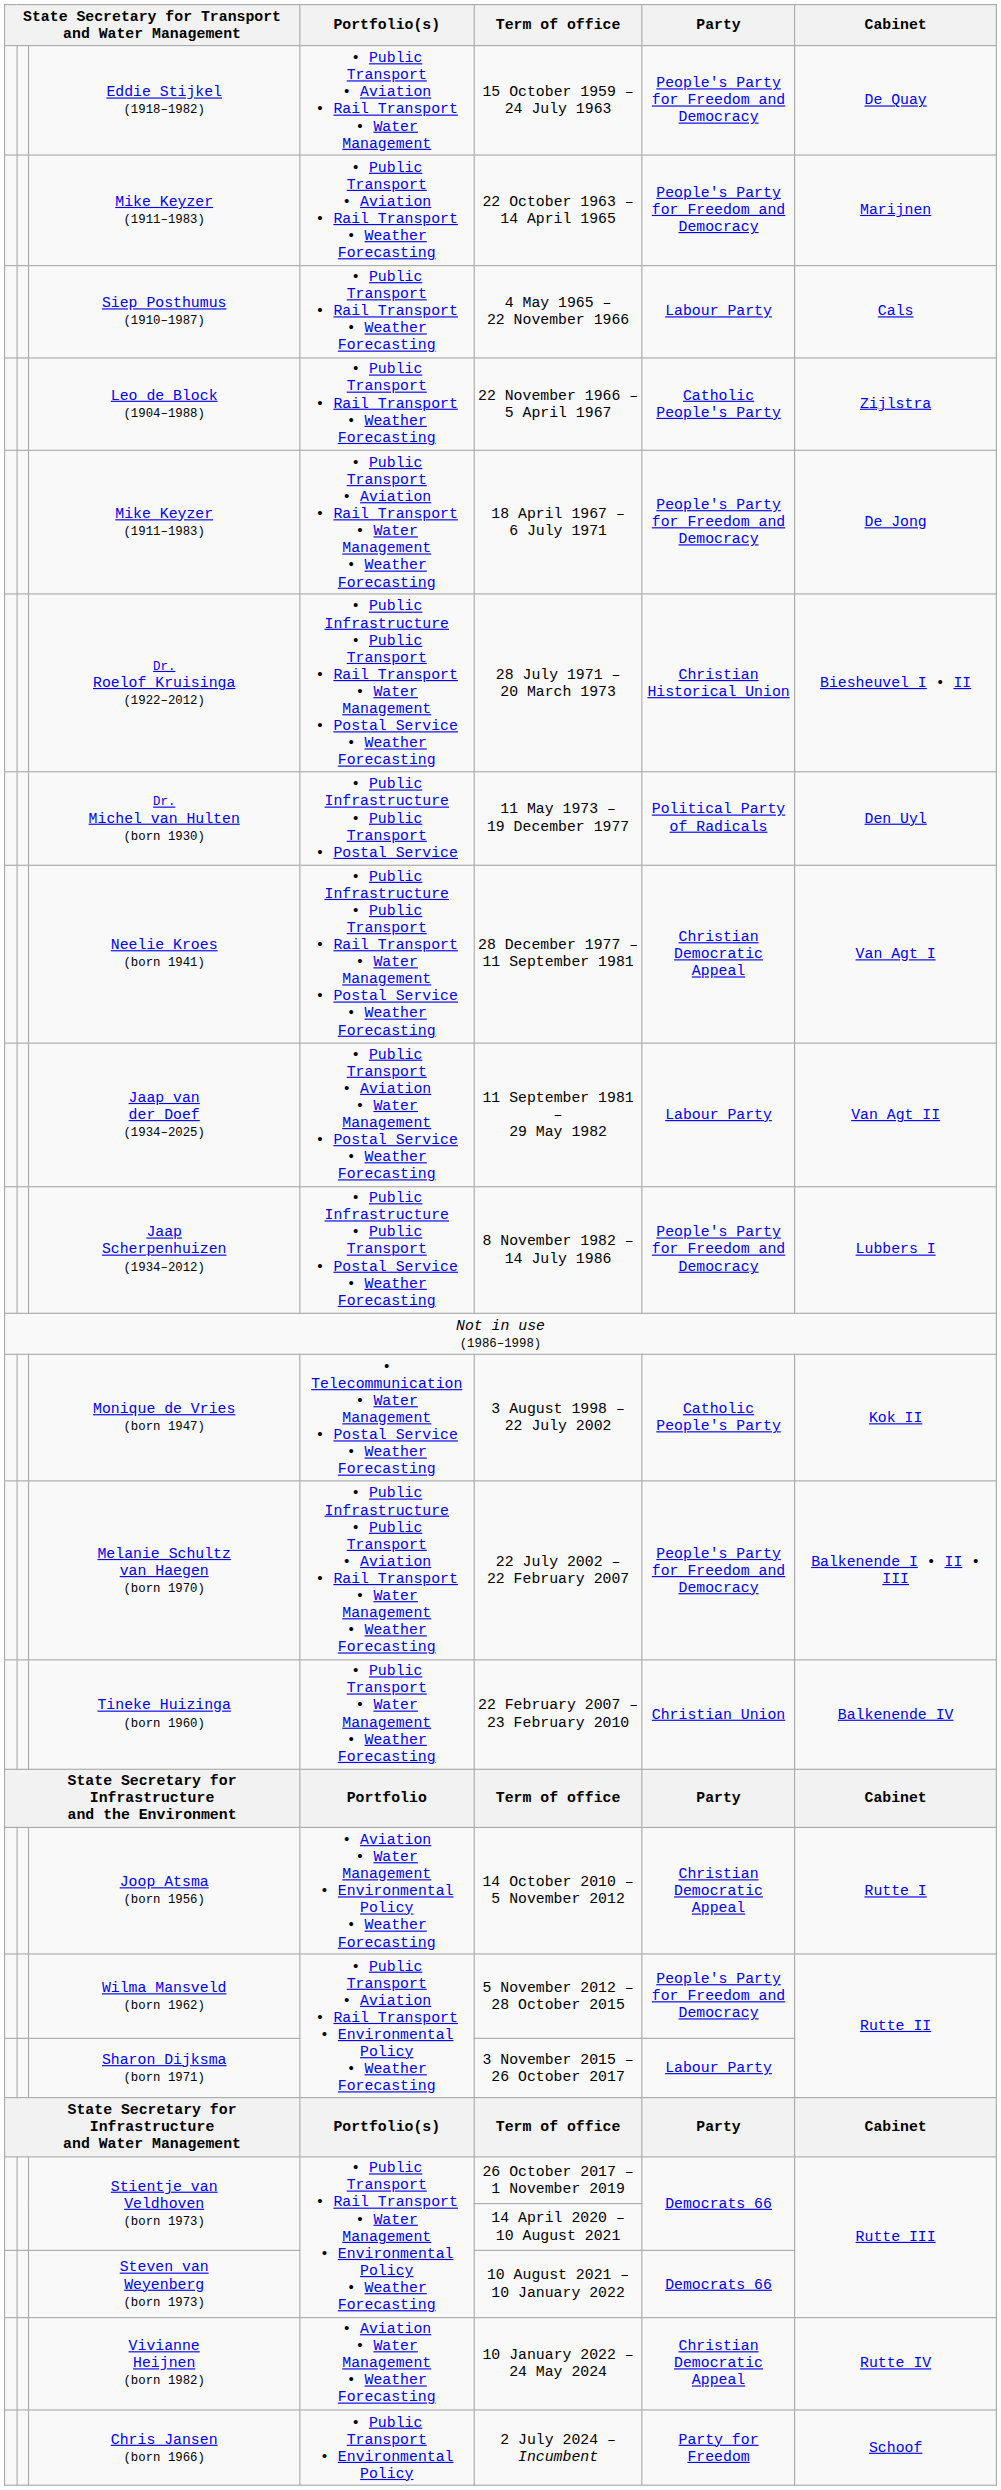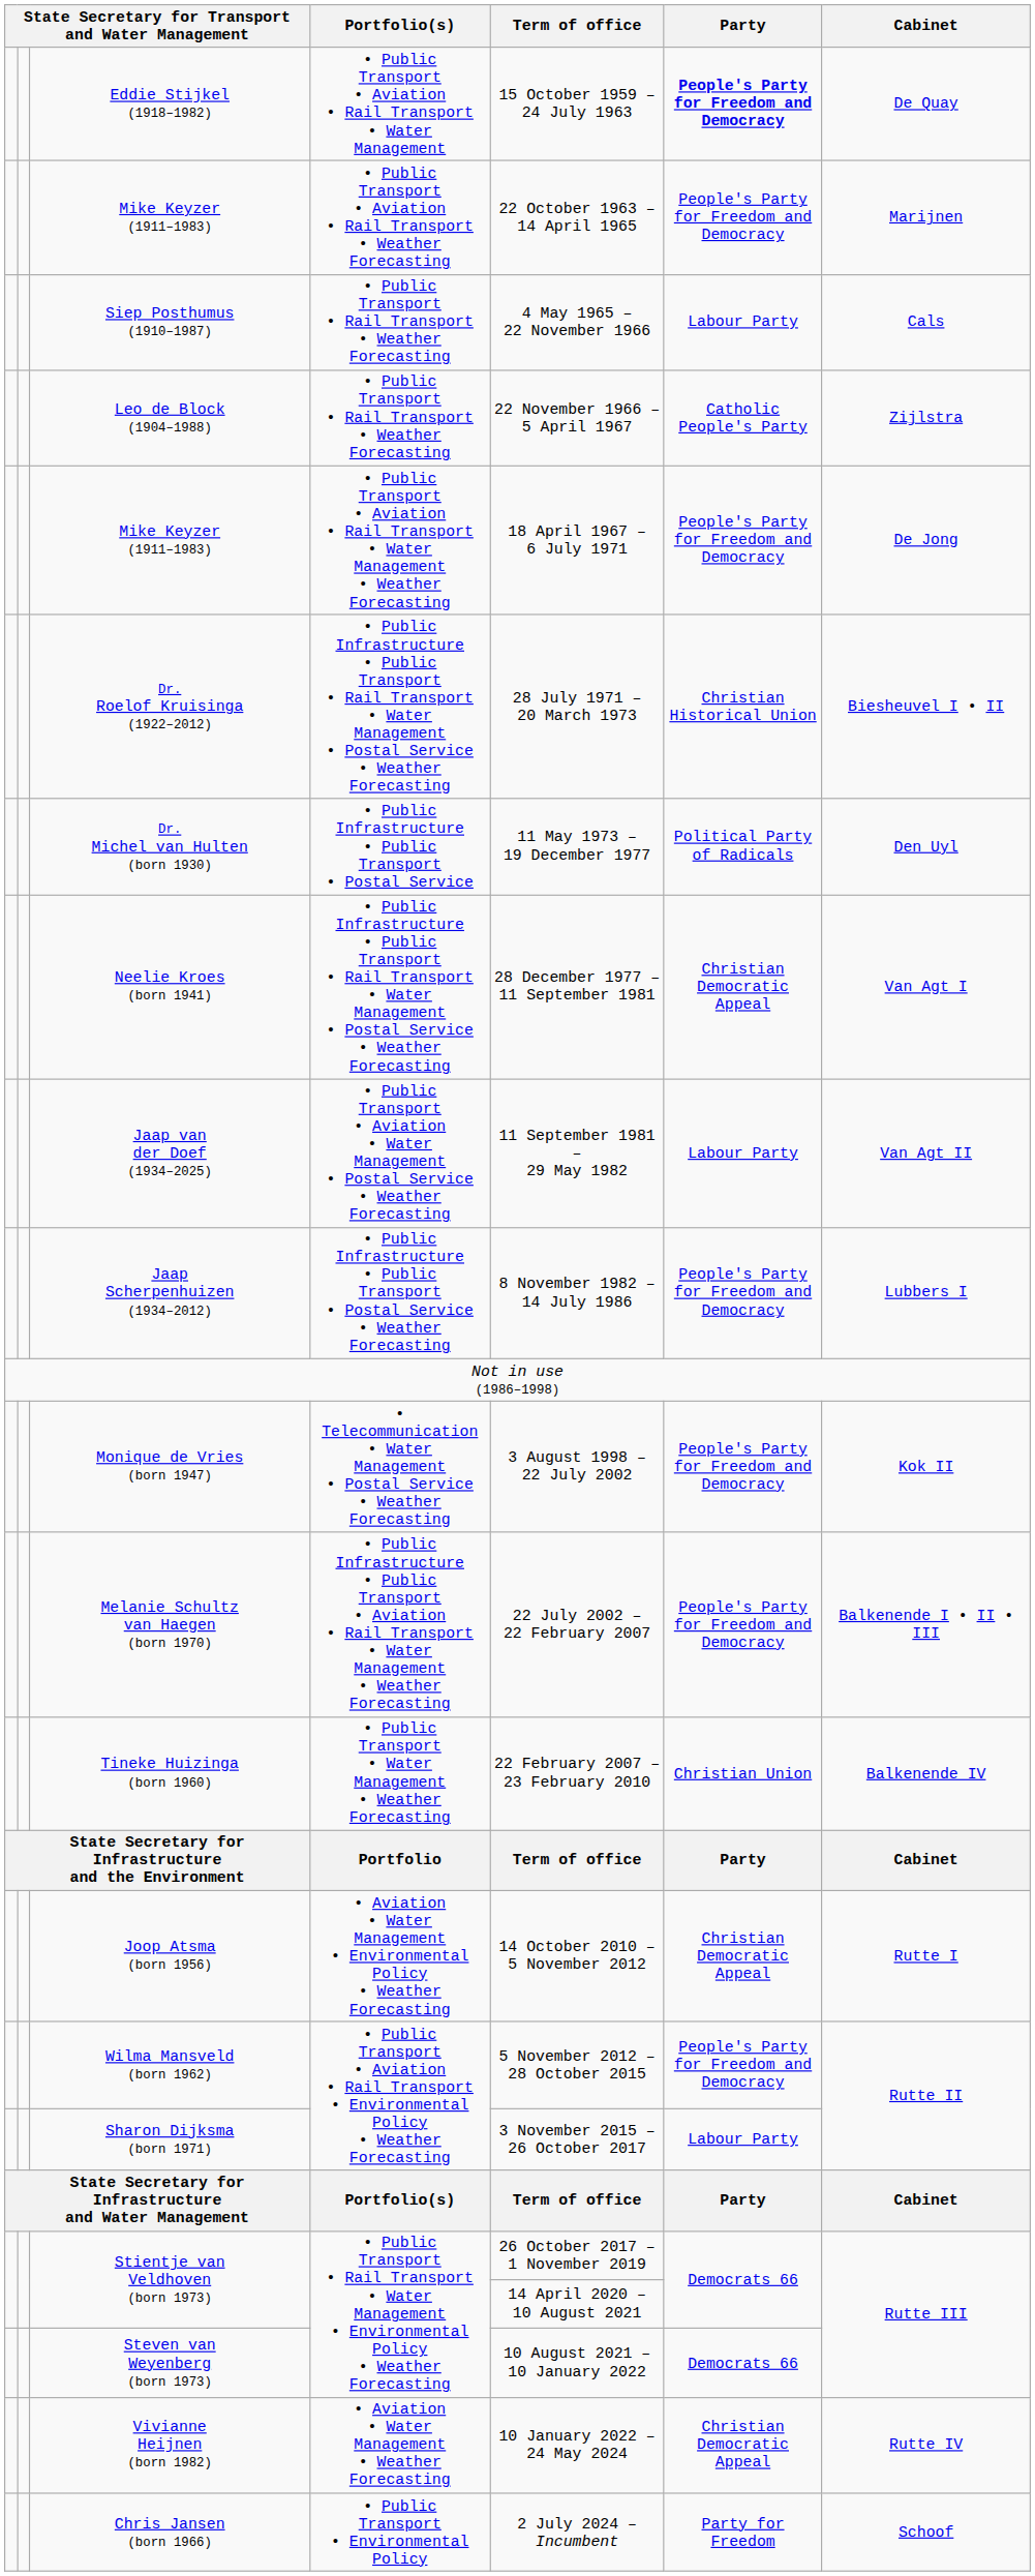 <table class="wikitable" style="text-align:center">
 <tr>
 <th colspan=3>State Secretary for Transport <br> and Water Management</th>
 <th>Portfolio(s)</th>
 <th>Term of office</th>
 <th>Party</th>
 <th>Cabinet</th>
 </tr>
 <tr>
 <td style="background:"></td>
 <td></td>
 <td><a href='#'>Eddie Stijkel</a> <br> <small>(1918–1982)</small></td>
 <td>• <a href='#'>Public <br> Transport</a> <br> • <a href='#'>Aviation</a> <br> • <a href='#'>Rail Transport</a> <br> • <a href='#'>Water <br> Management</a></td>
 <td>15 October 1959 – <br> 24 July 1963</td>
-<td><a href='#'>People's Party <br> for Freedom and <br> Democracy</a></td>
+<td><strong><a href='#'>People's Party <br> for Freedom and <br> Democracy</a></strong></td>
 <td><a href='#'>De Quay</a> <br></td>
 </tr>
 <tr>
 <td style="background:"></td>
 <td></td>
 <td><a href='#'>Mike Keyzer</a> <br> <small>(1911–1983)</small></td>
 <td>• <a href='#'>Public <br> Transport</a> <br> • <a href='#'>Aviation</a> <br> • <a href='#'>Rail Transport</a> <br> • <a href='#'>Weather <br> Forecasting</a></td>
 <td>22 October 1963 – <br> 14 April 1965</td>
 <td><a href='#'>People's Party <br> for Freedom and <br> Democracy</a></td>
 <td><a href='#'>Marijnen</a> <br></td>
 </tr>
 <tr>
 <td style="background:"></td>
 <td></td>
 <td><a href='#'>Siep Posthumus</a> <br> <small>(1910–1987)</small></td>
 <td>• <a href='#'>Public <br> Transport</a> <br> • <a href='#'>Rail Transport</a> <br> • <a href='#'>Weather <br> Forecasting</a></td>
 <td>4 May 1965 – <br> 22 November 1966</td>
 <td><a href='#'>Labour Party</a></td>
 <td><a href='#'>Cals</a> <br></td>
 </tr>
 <tr>
 <td style="background:"></td>
 <td></td>
 <td><a href='#'>Leo de Block</a> <br> <small>(1904–1988)</small></td>
 <td>• <a href='#'>Public <br> Transport</a> <br> • <a href='#'>Rail Transport</a> <br> • <a href='#'>Weather <br> Forecasting</a></td>
 <td>22 November 1966 – <br> 5 April 1967 <br> </td>
 <td><a href='#'>Catholic <br> People's Party</a></td>
 <td><a href='#'>Zijlstra</a> <br></td>
 </tr>
 <tr>
 <td style="background:"></td>
 <td></td>
 <td><a href='#'>Mike Keyzer</a> <br> <small>(1911–1983)</small></td>
 <td>• <a href='#'>Public <br> Transport</a> <br> • <a href='#'>Aviation</a> <br> • <a href='#'>Rail Transport</a> <br> • <a href='#'>Water <br> Management</a> <br> • <a href='#'>Weather <br> Forecasting</a></td>
 <td>18 April 1967 – <br> 6 July 1971</td>
 <td><a href='#'>People's Party <br> for Freedom and <br> Democracy</a></td>
 <td><a href='#'>De Jong</a> <br></td>
 </tr>
 <tr>
 <td style="background:"></td>
 <td></td>
 <td><small><a href='#'>Dr.</a></small> <br> <a href='#'>Roelof Kruisinga</a> <br> <small>(1922–2012)</small></td>
 <td>• <a href='#'>Public <br> Infrastructure</a> <br> • <a href='#'>Public <br> Transport</a> <br> • <a href='#'>Rail Transport</a> <br> • <a href='#'>Water <br> Management</a> <br> • <a href='#'>Postal Service</a> <br> • <a href='#'>Weather <br> Forecasting</a></td>
 <td>28 July 1971 – <br> 20 March 1973 <br> </td>
 <td><a href='#'>Christian <br> Historical Union</a></td>
 <td><a href='#'>Biesheuvel I</a> • <a href='#'>II</a> <br></td>
 </tr>
 <tr>
 <td style="background:"></td>
 <td></td>
 <td><small><a href='#'>Dr.</a></small> <br> <a href='#'>Michel van Hulten</a> <br> <small>(born 1930)</small></td>
 <td>• <a href='#'>Public <br> Infrastructure</a> <br> • <a href='#'>Public <br> Transport</a> <br> • <a href='#'>Postal Service</a></td>
 <td>11 May 1973 – <br> 19 December 1977</td>
 <td><a href='#'>Political Party <br> of Radicals</a></td>
 <td><a href='#'>Den Uyl</a> <br></td>
 </tr>
 <tr>
 <td style="background:"></td>
 <td></td>
 <td><a href='#'>Neelie Kroes</a> <br> <small>(born 1941)</small></td>
 <td>• <a href='#'>Public <br> Infrastructure</a> <br> • <a href='#'>Public <br> Transport</a> <br> • <a href='#'>Rail Transport</a> <br> • <a href='#'>Water <br> Management</a> <br> • <a href='#'>Postal Service</a> <br> • <a href='#'>Weather <br> Forecasting</a></td>
 <td>28 December 1977 – <br> 11 September 1981</td>
 <td><a href='#'>Christian <br> Democratic Appeal</a></td>
 <td><a href='#'>Van Agt I</a> <br></td>
 </tr>
 <tr>
 <td style="background:"></td>
 <td></td>
 <td><a href='#'>Jaap van <br> der Doef</a> <br> <small>(1934–2025)</small></td>
 <td>• <a href='#'>Public <br> Transport</a> <br> • <a href='#'>Aviation</a> <br> • <a href='#'>Water <br> Management</a> <br> • <a href='#'>Postal Service</a> <br> • <a href='#'>Weather <br> Forecasting</a></td>
 <td>11 September 1981 – <br> 29 May 1982 <br> </td>
 <td><a href='#'>Labour Party</a></td>
 <td><a href='#'>Van Agt II</a> <br></td>
 </tr>
 <tr>
 <td style="background:"></td>
 <td></td>
 <td><a href='#'>Jaap <br> Scherpenhuizen</a> <br> <small>(1934–2012)</small></td>
 <td>• <a href='#'>Public <br> Infrastructure</a> <br> • <a href='#'>Public <br> Transport</a> <br> • <a href='#'>Postal Service</a> <br> • <a href='#'>Weather <br> Forecasting</a></td>
 <td>8 November 1982 – <br> 14 July 1986</td>
 <td><a href='#'>People's Party <br> for Freedom and <br> Democracy</a></td>
 <td><a href='#'>Lubbers I</a> <br></td>
 </tr>
 <tr>
 <td colspan=7><em>Not in use</em> <br> <small>(1986–1998)</small></td>
 </tr>
 <tr>
 <td style="background:"></td>
 <td></td>
 <td><a href='#'>Monique de Vries</a> <br> <small>(born 1947)</small></td>
 <td>• <a href='#'>Telecommunication</a> <br> • <a href='#'>Water <br> Management</a> <br> • <a href='#'>Postal Service</a> <br> • <a href='#'>Weather <br> Forecasting</a></td>
 <td>3 August 1998 – <br> 22 July 2002</td>
-<td><a href='#'>Catholic <br> People's Party</a></td>
+<td><a href='#'>People's Party <br> for Freedom and <br> Democracy</a></td>
 <td><a href='#'>Kok II</a> <br></td>
 </tr>
 <tr>
 <td style="background:"></td>
 <td></td>
 <td><a href='#'>Melanie Schultz <br> van Haegen</a> <br> <small>(born 1970)</small></td>
 <td>• <a href='#'>Public <br> Infrastructure</a> <br> • <a href='#'>Public <br> Transport</a> <br> • <a href='#'>Aviation</a> <br> • <a href='#'>Rail Transport</a> <br> • <a href='#'>Water <br> Management</a> <br> • <a href='#'>Weather <br> Forecasting</a></td>
 <td>22 July 2002 – <br> 22 February 2007</td>
 <td><a href='#'>People's Party <br> for Freedom and <br> Democracy</a></td>
 <td><a href='#'>Balkenende I</a> • <a href='#'>II</a> • <a href='#'>III</a> <br></td>
 </tr>
 <tr>
 <td style="background:"></td>
 <td></td>
 <td><a href='#'>Tineke Huizinga</a> <br> <small>(born 1960)</small></td>
 <td>• <a href='#'>Public <br> Transport</a> <br> • <a href='#'>Water <br> Management</a> <br> • <a href='#'>Weather <br> Forecasting</a></td>
 <td>22 February 2007 – <br> 23 February 2010 <br> </td>
 <td><a href='#'>Christian Union</a></td>
 <td><a href='#'>Balkenende IV</a> <br></td>
 </tr>
 <tr>
 <th colspan=3>State Secretary for Infrastructure <br> and the Environment</th>
 <th>Portfolio</th>
 <th>Term of office</th>
 <th>Party</th>
 <th>Cabinet</th>
 </tr>
 <tr>
 <td style="background:"></td>
 <td></td>
 <td><a href='#'>Joop Atsma</a> <br> <small>(born 1956)</small></td>
 <td>• <a href='#'>Aviation</a> <br> • <a href='#'>Water <br> Management</a> <br> • <a href='#'>Environmental <br> Policy</a> <br> • <a href='#'>Weather <br> Forecasting</a></td>
 <td>14 October 2010 – <br> 5 November 2012</td>
 <td><a href='#'>Christian <br> Democratic Appeal</a></td>
 <td><a href='#'>Rutte I</a> <br></td>
 </tr>
 <tr>
 <td style="background:"></td>
 <td></td>
 <td><a href='#'>Wilma Mansveld</a> <br> <small>(born 1962)</small></td>
 <td rowspan=2>• <a href='#'>Public <br> Transport</a> <br> • <a href='#'>Aviation</a> <br> • <a href='#'>Rail Transport</a> <br> • <a href='#'>Environmental <br> Policy</a> <br> • <a href='#'>Weather <br> Forecasting</a> <br> </td>
 <td>5 November 2012 – <br> 28 October 2015 <br> </td>
 <td><a href='#'>People's Party <br> for Freedom and <br> Democracy</a></td>
 <td rowspan=2><a href='#'>Rutte II</a> <br></td>
 </tr>
 <tr>
 <td style="background:"></td>
 <td></td>
 <td><a href='#'>Sharon Dijksma</a> <br> <small>(born 1971)</small></td>
 <td>3 November 2015 – <br> 26 October 2017</td>
 <td><a href='#'>Labour Party</a></td>
 </tr>
 <tr>
 <th colspan=3>State Secretary for Infrastructure <br> and Water Management</th>
 <th>Portfolio(s)</th>
 <th>Term of office</th>
 <th>Party</th>
 <th>Cabinet</th>
 </tr>
 <tr>
 <td rowspan=2 style="background:"></td>
 <td rowspan=2></td>
 <td rowspan=2><a href='#'>Stientje van <br> Veldhoven</a> <br> <small>(born 1973)</small></td>
 <td rowspan=3>• <a href='#'>Public <br> Transport</a> <br> • <a href='#'>Rail Transport</a> <br> • <a href='#'>Water <br> Management</a> <br> • <a href='#'>Environmental <br> Policy</a> <br> • <a href='#'>Weather <br> Forecasting</a></td>
 <td>26 October 2017 – <br> 1 November 2019</td>
 <td rowspan=2><a href='#'>Democrats 66</a></td>
 <td rowspan=3><a href='#'>Rutte III</a> <br></td>
 </tr>
 <tr>
 <td>14 April 2020 – <br> 10 August 2021 <br> </td>
 </tr>
 <tr>
 <td style="background:"></td>
 <td></td>
 <td><a href='#'>Steven van <br> Weyenberg</a> <br> <small>(born 1973)</small></td>
 <td>10 August 2021 – <br> 10 January 2022</td>
 <td><a href='#'>Democrats 66</a></td>
 </tr>
 <tr>
 <td style="background:"></td>
 <td></td>
 <td><a href='#'>Vivianne <br> Heijnen</a> <br> <small>(born 1982)</small></td>
 <td>• <a href='#'>Aviation</a> <br> • <a href='#'>Water <br> Management</a> <br> • <a href='#'>Weather <br> Forecasting</a></td>
 <td>10 January 2022 – <br> 24 May 2024</td>
 <td><a href='#'>Christian <br> Democratic Appeal</a></td>
 <td><a href='#'>Rutte IV</a> <br></td>
 </tr>
 <tr>
 <td style="background:"></td>
 <td></td>
 <td><a href='#'>Chris Jansen</a> <br> <small>(born 1966)</small></td>
 <td>• <a href='#'>Public <br> Transport</a> <br> • <a href='#'>Environmental <br> Policy</a></td>
 <td>2 July 2024 – <br> <em>Incumbent</em></td>
 <td><a href='#'>Party for Freedom</a></td>
 <td><a href='#'>Schoof</a> <br></td>
 </tr>
 </table>
